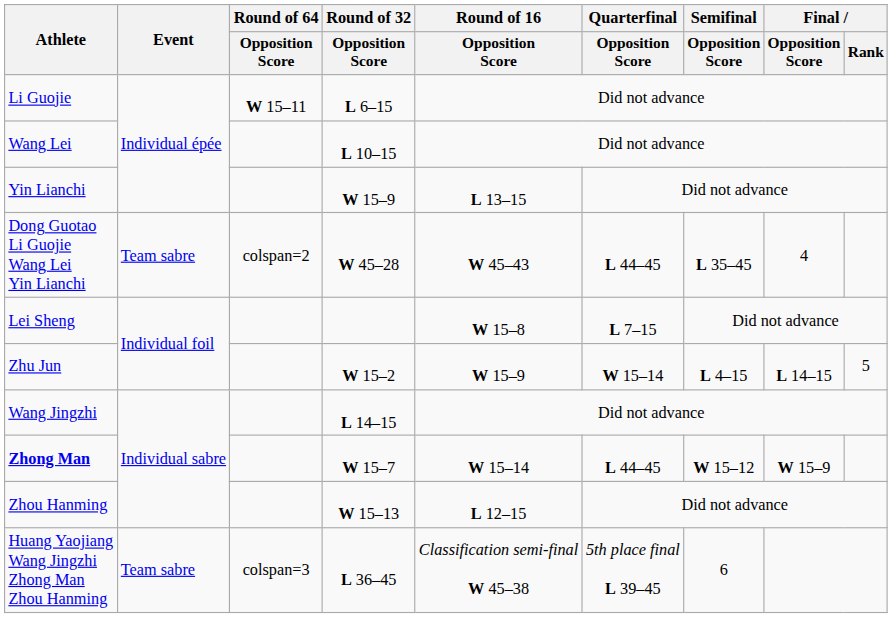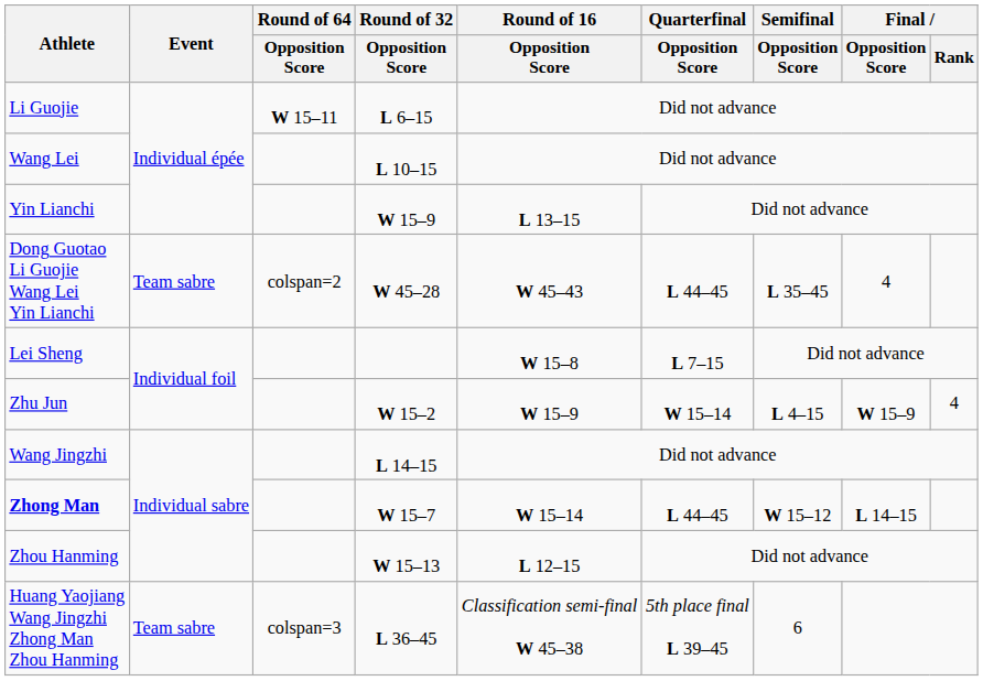 <table class="wikitable" style="font-size:90%">
 <tr>
 <th rowspan="2">Athlete</th>
 <th rowspan="2">Event</th>
 <th>Round of 64</th>
 <th>Round of 32</th>
 <th>Round of 16</th>
 <th>Quarterfinal</th>
 <th>Semifinal</th>
 <th colspan=2>Final / </th>
 </tr>
 <tr style="font-size:95%">
 <th>Opposition <br> Score</th>
 <th>Opposition <br> Score</th>
 <th>Opposition <br> Score</th>
 <th>Opposition <br> Score</th>
 <th>Opposition <br> Score</th>
 <th>Opposition <br> Score</th>
 <th>Rank</th>
 </tr>
 <tr align=center>
 <td align=left><a href='#'>Li Guojie</a></td>
 <td align=left rowspan=3><a href='#'>Individual épée</a></td>
 <td><br><strong>W</strong> 15–11</td>
 <td><br><strong>L</strong> 6–15</td>
 <td colspan=5>Did not advance</td>
 </tr>
 <tr align=center>
 <td align=left><a href='#'>Wang Lei</a></td>
 <td></td>
 <td><br><strong>L</strong> 10–15</td>
 <td colspan=5>Did not advance</td>
 </tr>
 <tr align=center>
 <td align=left><a href='#'>Yin Lianchi</a></td>
 <td></td>
 <td><br><strong>W</strong> 15–9</td>
 <td><br><strong>L</strong> 13–15</td>
 <td colspan=4>Did not advance</td>
 </tr>
 <tr align=center>
 <td align=left><a href='#'>Dong Guotao</a><br><a href='#'>Li Guojie</a><br><a href='#'>Wang Lei</a><br><a href='#'>Yin Lianchi</a></td>
 <td align=left><a href='#'>Team sabre</a></td>
 <td>colspan=2 </td>
 <td><br><strong>W</strong> 45–28</td>
 <td><br><strong>W</strong> 45–43</td>
 <td><br><strong>L</strong> 44–45</td>
 <td><br><strong>L</strong> 35–45</td>
 <td>4</td>
 </tr>
 <tr align=center>
 <td align=left><a href='#'>Lei Sheng</a></td>
 <td align=left rowspan=2><a href='#'>Individual foil</a></td>
 <td></td>
 <td></td>
 <td><br><strong>W</strong> 15–8</td>
 <td><br><strong>L</strong> 7–15</td>
 <td colspan=3>Did not advance</td>
 </tr>
 <tr align=center>
 <td align=left><a href='#'>Zhu Jun</a></td>
 <td></td>
 <td><br><strong>W</strong> 15–2</td>
 <td><br><strong>W</strong> 15–9</td>
 <td><br><strong>W</strong> 15–14</td>
 <td><br><strong>L</strong> 4–15</td>
-<td><br><strong>L</strong> 14–15</td>
-<td>5</td>
+<td><br><strong>W</strong> 15–9</td>
+<td>4</td>
 </tr>
 <tr align=center>
 <td align=left><a href='#'>Wang Jingzhi</a></td>
 <td align=left rowspan=3><a href='#'>Individual sabre</a></td>
 <td></td>
 <td><br><strong>L</strong> 14–15</td>
 <td colspan=5>Did not advance</td>
 </tr>
 <tr align=center>
 <td align=left><strong><a href='#'>Zhong Man</a></strong></td>
 <td></td>
 <td><br><strong>W</strong> 15–7</td>
 <td><br><strong>W</strong> 15–14</td>
 <td><br><strong>L</strong> 44–45</td>
 <td><br><strong>W</strong> 15–12</td>
-<td><br><strong>W</strong> 15–9</td>
+<td><br><strong>L</strong> 14–15</td>
 <td></td>
 </tr>
 <tr align=center>
 <td align=left><a href='#'>Zhou Hanming</a></td>
 <td></td>
 <td><br><strong>W</strong> 15–13</td>
 <td><br><strong>L</strong> 12–15</td>
 <td colspan=4>Did not advance</td>
 </tr>
 <tr align=center>
 <td align=left><a href='#'>Huang Yaojiang</a><br><a href='#'>Wang Jingzhi</a><br><a href='#'>Zhong Man</a><br><a href='#'>Zhou Hanming</a></td>
 <td align=left><a href='#'>Team sabre</a></td>
 <td>colspan=3 </td>
 <td><br><strong>L</strong> 36–45</td>
 <td><em>Classification semi-final</em><br><br><strong>W</strong> 45–38</td>
 <td><em>5th place final</em><br><br><strong>L</strong> 39–45</td>
 <td>6</td>
 </tr>
 </table>
